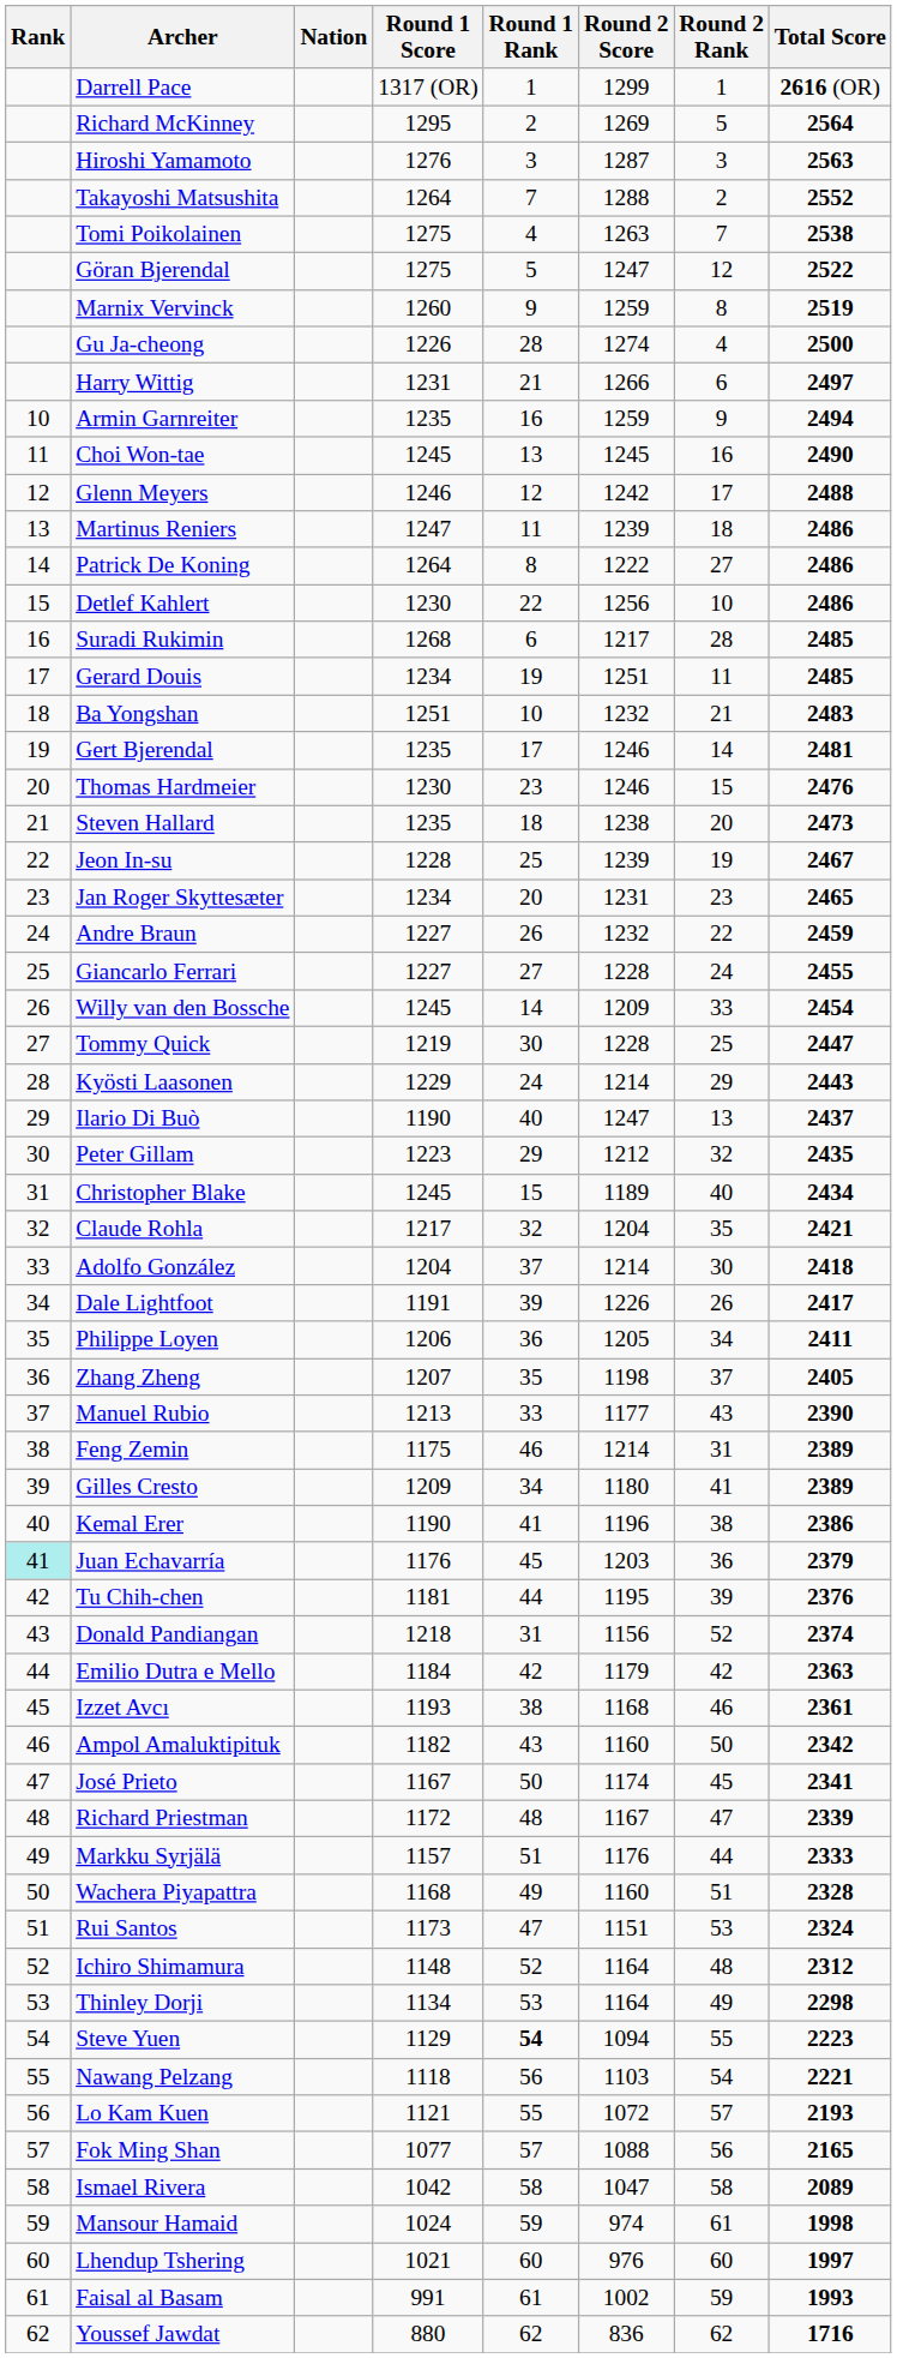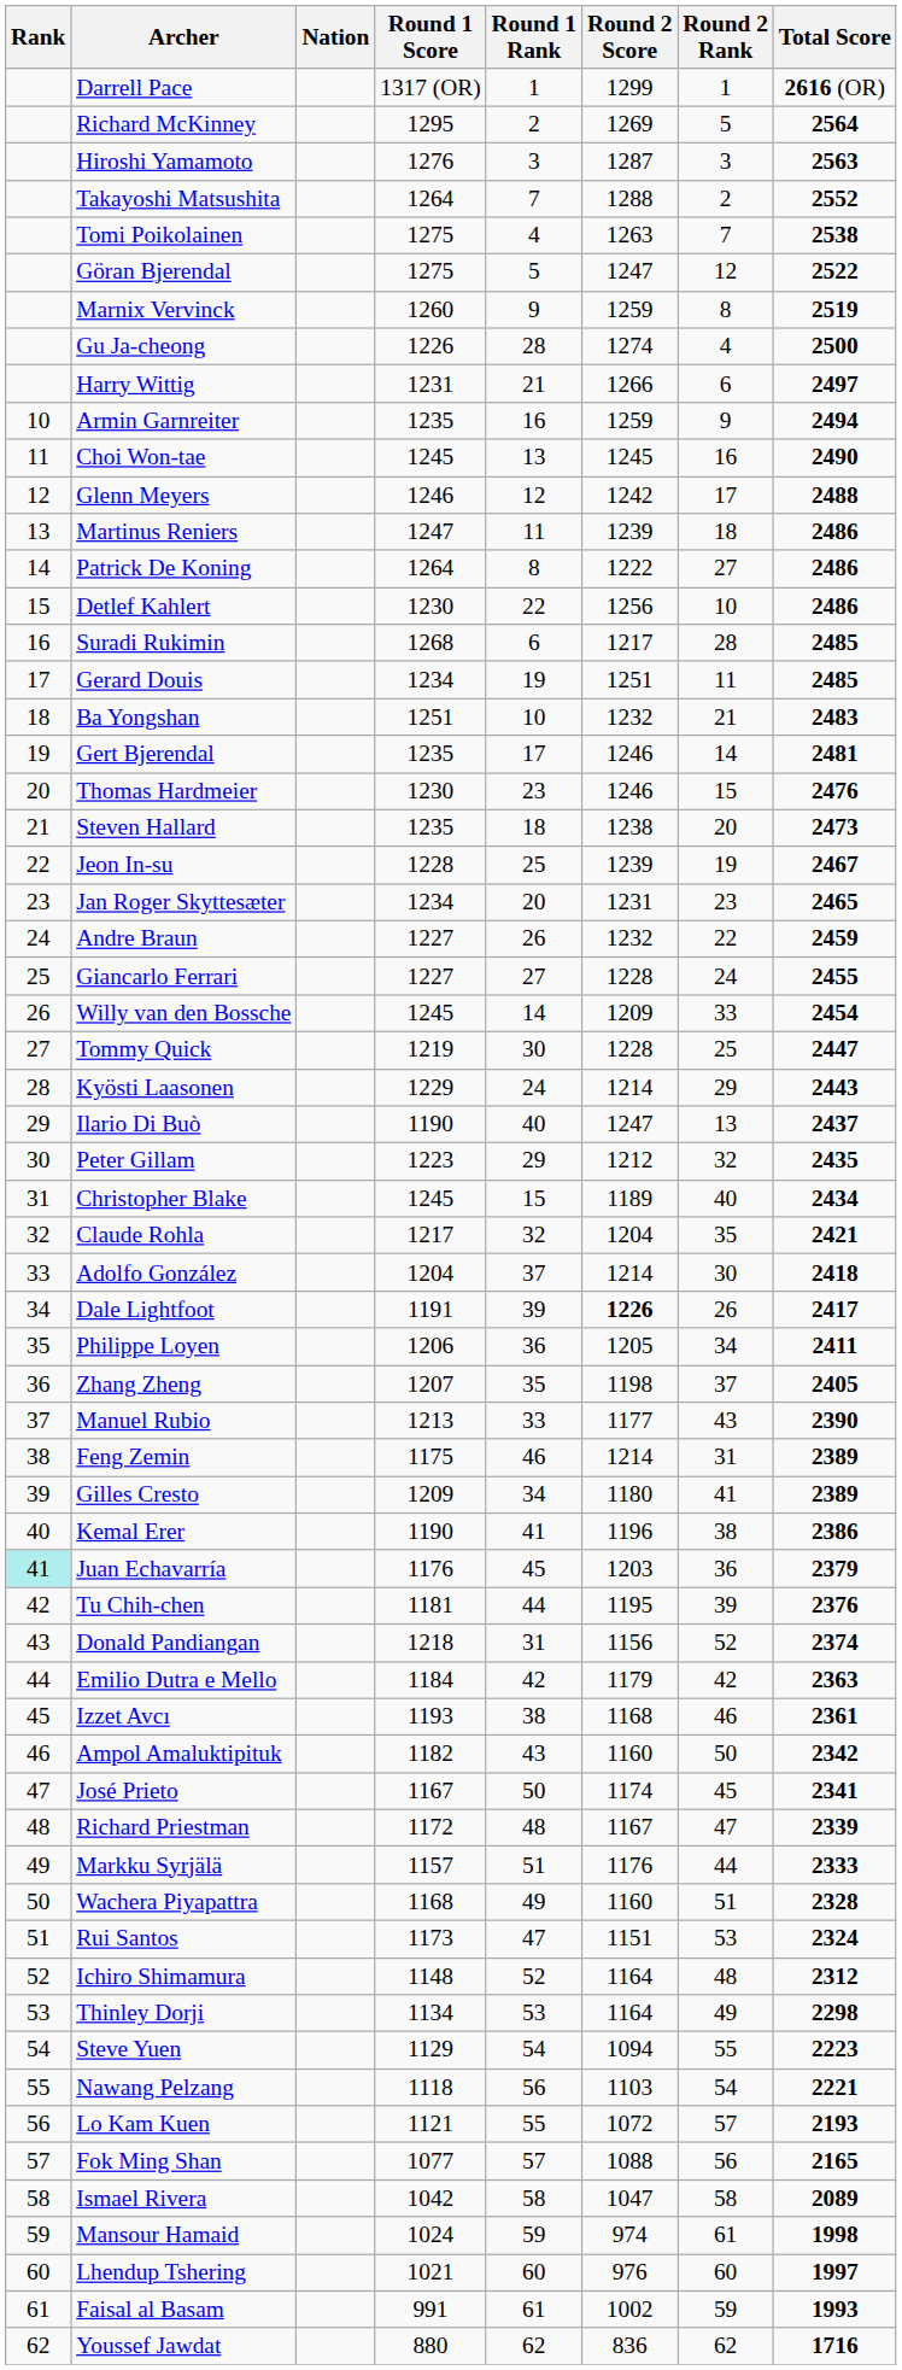 <table class="wikitable sortable" style="text-align:center;">
 <tr>
 <th>Rank</th>
 <th>Archer</th>
 <th>Nation</th>
 <th>Round 1 <br> Score</th>
 <th>Round 1 <br> Rank</th>
 <th>Round 2 <br> Score</th>
 <th>Round 2 <br> Rank</th>
 <th>Total Score</th>
 </tr>
 <tr>
 <td></td>
 <td align=left><a href='#'>Darrell Pace</a></td>
 <td align=left></td>
 <td>1317 (OR)</td>
 <td>1</td>
 <td>1299</td>
 <td>1</td>
 <td><strong>2616</strong> (OR)</td>
 </tr>
 <tr>
 <td></td>
 <td align=left><a href='#'>Richard McKinney</a></td>
 <td align=left></td>
 <td>1295</td>
 <td>2</td>
 <td>1269</td>
 <td>5</td>
 <td><strong>2564</strong></td>
 </tr>
 <tr>
 <td></td>
 <td align=left><a href='#'>Hiroshi Yamamoto</a></td>
 <td align=left></td>
 <td>1276</td>
 <td>3</td>
 <td>1287</td>
 <td>3</td>
 <td><strong>2563</strong></td>
 </tr>
 <tr>
 <td></td>
 <td align=left><a href='#'>Takayoshi Matsushita</a></td>
 <td align=left></td>
 <td>1264</td>
 <td>7</td>
 <td>1288</td>
 <td>2</td>
 <td><strong>2552</strong></td>
 </tr>
 <tr>
 <td></td>
 <td align=left><a href='#'>Tomi Poikolainen</a></td>
 <td align=left></td>
 <td>1275</td>
 <td>4</td>
 <td>1263</td>
 <td>7</td>
 <td><strong>2538</strong></td>
 </tr>
 <tr>
 <td></td>
 <td align=left><a href='#'>Göran Bjerendal</a></td>
 <td align=left></td>
 <td>1275</td>
 <td>5</td>
 <td>1247</td>
 <td>12</td>
 <td><strong>2522</strong></td>
 </tr>
 <tr>
 <td></td>
 <td align=left><a href='#'>Marnix Vervinck</a></td>
 <td align=left></td>
 <td>1260</td>
 <td>9</td>
 <td>1259</td>
 <td>8</td>
 <td><strong>2519</strong></td>
 </tr>
 <tr>
 <td></td>
 <td align=left><a href='#'>Gu Ja-cheong</a></td>
 <td align=left></td>
 <td>1226</td>
 <td>28</td>
 <td>1274</td>
 <td>4</td>
 <td><strong>2500</strong></td>
 </tr>
 <tr>
 <td></td>
 <td align=left><a href='#'>Harry Wittig</a></td>
 <td align=left></td>
 <td>1231</td>
 <td>21</td>
 <td>1266</td>
 <td>6</td>
 <td><strong>2497</strong></td>
 </tr>
 <tr>
 <td>10</td>
 <td align=left><a href='#'>Armin Garnreiter</a></td>
 <td align=left></td>
 <td>1235</td>
 <td>16</td>
 <td>1259</td>
 <td>9</td>
 <td><strong>2494</strong></td>
 </tr>
 <tr>
 <td>11</td>
 <td align=left><a href='#'>Choi Won-tae</a></td>
 <td align=left></td>
 <td>1245</td>
 <td>13</td>
 <td>1245</td>
 <td>16</td>
 <td><strong>2490</strong></td>
 </tr>
 <tr>
 <td>12</td>
 <td align=left><a href='#'>Glenn Meyers</a></td>
 <td align=left></td>
 <td>1246</td>
 <td>12</td>
 <td>1242</td>
 <td>17</td>
 <td><strong>2488</strong></td>
 </tr>
 <tr>
 <td>13</td>
 <td align=left><a href='#'>Martinus Reniers</a></td>
 <td align=left></td>
 <td>1247</td>
 <td>11</td>
 <td>1239</td>
 <td>18</td>
 <td><strong>2486</strong></td>
 </tr>
 <tr>
 <td>14</td>
 <td align=left><a href='#'>Patrick De Koning</a></td>
 <td align=left></td>
 <td>1264</td>
 <td>8</td>
 <td>1222</td>
 <td>27</td>
 <td><strong>2486</strong></td>
 </tr>
 <tr>
 <td>15</td>
 <td align=left><a href='#'>Detlef Kahlert</a></td>
 <td align=left></td>
 <td>1230</td>
 <td>22</td>
 <td>1256</td>
 <td>10</td>
 <td><strong>2486</strong></td>
 </tr>
 <tr>
 <td>16</td>
 <td align=left><a href='#'>Suradi Rukimin</a></td>
 <td align=left></td>
 <td>1268</td>
 <td>6</td>
 <td>1217</td>
 <td>28</td>
 <td><strong>2485</strong></td>
 </tr>
 <tr>
 <td>17</td>
 <td align=left><a href='#'>Gerard Douis</a></td>
 <td align=left></td>
 <td>1234</td>
 <td>19</td>
 <td>1251</td>
 <td>11</td>
 <td><strong>2485</strong></td>
 </tr>
 <tr>
 <td>18</td>
 <td align=left><a href='#'>Ba Yongshan</a></td>
 <td align=left></td>
 <td>1251</td>
 <td>10</td>
 <td>1232</td>
 <td>21</td>
 <td><strong>2483</strong></td>
 </tr>
 <tr>
 <td>19</td>
 <td align=left><a href='#'>Gert Bjerendal</a></td>
 <td align=left></td>
 <td>1235</td>
 <td>17</td>
 <td>1246</td>
 <td>14</td>
 <td><strong>2481</strong></td>
 </tr>
 <tr>
 <td>20</td>
 <td align=left><a href='#'>Thomas Hardmeier</a></td>
 <td align=left></td>
 <td>1230</td>
 <td>23</td>
 <td>1246</td>
 <td>15</td>
 <td><strong>2476</strong></td>
 </tr>
 <tr>
 <td>21</td>
 <td align=left><a href='#'>Steven Hallard</a></td>
 <td align=left></td>
 <td>1235</td>
 <td>18</td>
 <td>1238</td>
 <td>20</td>
 <td><strong>2473</strong></td>
 </tr>
 <tr>
 <td>22</td>
 <td align=left><a href='#'>Jeon In-su</a></td>
 <td align=left></td>
 <td>1228</td>
 <td>25</td>
 <td>1239</td>
 <td>19</td>
 <td><strong>2467</strong></td>
 </tr>
 <tr>
 <td>23</td>
 <td align=left><a href='#'>Jan Roger Skyttesæter</a></td>
 <td align=left></td>
 <td>1234</td>
 <td>20</td>
 <td>1231</td>
 <td>23</td>
 <td><strong>2465</strong></td>
 </tr>
 <tr>
 <td>24</td>
 <td align=left><a href='#'>Andre Braun</a></td>
 <td align=left></td>
 <td>1227</td>
 <td>26</td>
 <td>1232</td>
 <td>22</td>
 <td><strong>2459</strong></td>
 </tr>
 <tr>
 <td>25</td>
 <td align=left><a href='#'>Giancarlo Ferrari</a></td>
 <td align=left></td>
 <td>1227</td>
 <td>27</td>
 <td>1228</td>
 <td>24</td>
 <td><strong>2455</strong></td>
 </tr>
 <tr>
 <td>26</td>
 <td align=left><a href='#'>Willy van den Bossche</a></td>
 <td align=left></td>
 <td>1245</td>
 <td>14</td>
 <td>1209</td>
 <td>33</td>
 <td><strong>2454</strong></td>
 </tr>
 <tr>
 <td>27</td>
 <td align=left><a href='#'>Tommy Quick</a></td>
 <td align=left></td>
 <td>1219</td>
 <td>30</td>
 <td>1228</td>
 <td>25</td>
 <td><strong>2447</strong></td>
 </tr>
 <tr>
 <td>28</td>
 <td align=left><a href='#'>Kyösti Laasonen</a></td>
 <td align=left></td>
 <td>1229</td>
 <td>24</td>
 <td>1214</td>
 <td>29</td>
 <td><strong>2443</strong></td>
 </tr>
 <tr>
 <td>29</td>
 <td align=left><a href='#'>Ilario Di Buò</a></td>
 <td align=left></td>
 <td>1190</td>
 <td>40</td>
 <td>1247</td>
 <td>13</td>
 <td><strong>2437</strong></td>
 </tr>
 <tr>
 <td>30</td>
 <td align=left><a href='#'>Peter Gillam</a></td>
 <td align=left></td>
 <td>1223</td>
 <td>29</td>
 <td>1212</td>
 <td>32</td>
 <td><strong>2435</strong></td>
 </tr>
 <tr>
 <td>31</td>
 <td align=left><a href='#'>Christopher Blake</a></td>
 <td align=left></td>
 <td>1245</td>
 <td>15</td>
 <td>1189</td>
 <td>40</td>
 <td><strong>2434</strong></td>
 </tr>
 <tr>
 <td>32</td>
 <td align=left><a href='#'>Claude Rohla</a></td>
 <td align=left></td>
 <td>1217</td>
 <td>32</td>
 <td>1204</td>
 <td>35</td>
 <td><strong>2421</strong></td>
 </tr>
 <tr>
 <td>33</td>
 <td align=left><a href='#'>Adolfo González</a></td>
 <td align=left></td>
 <td>1204</td>
 <td>37</td>
 <td>1214</td>
 <td>30</td>
 <td><strong>2418</strong></td>
 </tr>
 <tr>
 <td>34</td>
 <td align=left><a href='#'>Dale Lightfoot</a></td>
 <td align=left></td>
 <td>1191</td>
 <td>39</td>
-<td>1226</td>
+<td><strong>1226</strong></td>
 <td>26</td>
 <td><strong>2417</strong></td>
 </tr>
 <tr>
 <td>35</td>
 <td align=left><a href='#'>Philippe Loyen</a></td>
 <td align=left></td>
 <td>1206</td>
 <td>36</td>
 <td>1205</td>
 <td>34</td>
 <td><strong>2411</strong></td>
 </tr>
 <tr>
 <td>36</td>
 <td align=left><a href='#'>Zhang Zheng</a></td>
 <td align=left></td>
 <td>1207</td>
 <td>35</td>
 <td>1198</td>
 <td>37</td>
 <td><strong>2405</strong></td>
 </tr>
 <tr>
 <td>37</td>
 <td align=left><a href='#'>Manuel Rubio</a></td>
 <td align=left></td>
 <td>1213</td>
 <td>33</td>
 <td>1177</td>
 <td>43</td>
 <td><strong>2390</strong></td>
 </tr>
 <tr>
 <td>38</td>
 <td align=left><a href='#'>Feng Zemin</a></td>
 <td align=left></td>
 <td>1175</td>
 <td>46</td>
 <td>1214</td>
 <td>31</td>
 <td><strong>2389</strong></td>
 </tr>
 <tr>
 <td>39</td>
 <td align=left><a href='#'>Gilles Cresto</a></td>
 <td align=left></td>
 <td>1209</td>
 <td>34</td>
 <td>1180</td>
 <td>41</td>
 <td><strong>2389</strong></td>
 </tr>
 <tr>
 <td>40</td>
 <td align=left><a href='#'>Kemal Erer</a></td>
 <td align=left></td>
 <td>1190</td>
 <td>41</td>
 <td>1196</td>
 <td>38</td>
 <td><strong>2386</strong></td>
 </tr>
 <tr>
 <td style="background: paleturquoise;">41</td>
 <td align=left><a href='#'>Juan Echavarría</a></td>
 <td align=left></td>
 <td>1176</td>
 <td>45</td>
 <td>1203</td>
 <td>36</td>
 <td><strong>2379</strong></td>
 </tr>
 <tr>
 <td>42</td>
 <td align=left><a href='#'>Tu Chih-chen</a></td>
 <td align=left></td>
 <td>1181</td>
 <td>44</td>
 <td>1195</td>
 <td>39</td>
 <td><strong>2376</strong></td>
 </tr>
 <tr>
 <td>43</td>
 <td align=left><a href='#'>Donald Pandiangan</a></td>
 <td align=left></td>
 <td>1218</td>
 <td>31</td>
 <td>1156</td>
 <td>52</td>
 <td><strong>2374</strong></td>
 </tr>
 <tr>
 <td>44</td>
 <td align=left><a href='#'>Emilio Dutra e Mello</a></td>
 <td align=left></td>
 <td>1184</td>
 <td>42</td>
 <td>1179</td>
 <td>42</td>
 <td><strong>2363</strong></td>
 </tr>
 <tr>
 <td>45</td>
 <td align=left><a href='#'>Izzet Avcı</a></td>
 <td align=left></td>
 <td>1193</td>
 <td>38</td>
 <td>1168</td>
 <td>46</td>
 <td><strong>2361</strong></td>
 </tr>
 <tr>
 <td>46</td>
 <td align=left><a href='#'>Ampol Amaluktipituk</a></td>
 <td align=left></td>
 <td>1182</td>
 <td>43</td>
 <td>1160</td>
 <td>50</td>
 <td><strong>2342</strong></td>
 </tr>
 <tr>
 <td>47</td>
 <td align=left><a href='#'>José Prieto</a></td>
 <td align=left></td>
 <td>1167</td>
 <td>50</td>
 <td>1174</td>
 <td>45</td>
 <td><strong>2341</strong></td>
 </tr>
 <tr>
 <td>48</td>
 <td align=left><a href='#'>Richard Priestman</a></td>
 <td align=left></td>
 <td>1172</td>
 <td>48</td>
 <td>1167</td>
 <td>47</td>
 <td><strong>2339</strong></td>
 </tr>
 <tr>
 <td>49</td>
 <td align=left><a href='#'>Markku Syrjälä</a></td>
 <td align=left></td>
 <td>1157</td>
 <td>51</td>
 <td>1176</td>
 <td>44</td>
 <td><strong>2333</strong></td>
 </tr>
 <tr>
 <td>50</td>
 <td align=left><a href='#'>Wachera Piyapattra</a></td>
 <td align=left></td>
 <td>1168</td>
 <td>49</td>
 <td>1160</td>
 <td>51</td>
 <td><strong>2328</strong></td>
 </tr>
 <tr>
 <td>51</td>
 <td align=left><a href='#'>Rui Santos</a></td>
 <td align=left></td>
 <td>1173</td>
 <td>47</td>
 <td>1151</td>
 <td>53</td>
 <td><strong>2324</strong></td>
 </tr>
 <tr>
 <td>52</td>
 <td align=left><a href='#'>Ichiro Shimamura</a></td>
 <td align=left></td>
 <td>1148</td>
 <td>52</td>
 <td>1164</td>
 <td>48</td>
 <td><strong>2312</strong></td>
 </tr>
 <tr>
 <td>53</td>
 <td align=left><a href='#'>Thinley Dorji</a></td>
 <td align=left></td>
 <td>1134</td>
 <td>53</td>
 <td>1164</td>
 <td>49</td>
 <td><strong>2298</strong></td>
 </tr>
 <tr>
 <td>54</td>
 <td align=left><a href='#'>Steve Yuen</a></td>
 <td align=left></td>
 <td>1129</td>
-<td><strong>54</strong></td>
+<td>54</td>
 <td>1094</td>
 <td>55</td>
 <td><strong>2223</strong></td>
 </tr>
 <tr>
 <td>55</td>
 <td align=left><a href='#'>Nawang Pelzang</a></td>
 <td align=left></td>
 <td>1118</td>
 <td>56</td>
 <td>1103</td>
 <td>54</td>
 <td><strong>2221</strong></td>
 </tr>
 <tr>
 <td>56</td>
 <td align=left><a href='#'>Lo Kam Kuen</a></td>
 <td align=left></td>
 <td>1121</td>
 <td>55</td>
 <td>1072</td>
 <td>57</td>
 <td><strong>2193</strong></td>
 </tr>
 <tr>
 <td>57</td>
 <td align=left><a href='#'>Fok Ming Shan</a></td>
 <td align=left></td>
 <td>1077</td>
 <td>57</td>
 <td>1088</td>
 <td>56</td>
 <td><strong>2165</strong></td>
 </tr>
 <tr>
 <td>58</td>
 <td align=left><a href='#'>Ismael Rivera</a></td>
 <td align=left></td>
 <td>1042</td>
 <td>58</td>
 <td>1047</td>
 <td>58</td>
 <td><strong>2089</strong></td>
 </tr>
 <tr>
 <td>59</td>
 <td align=left><a href='#'>Mansour Hamaid</a></td>
 <td align=left></td>
 <td>1024</td>
 <td>59</td>
 <td>974</td>
 <td>61</td>
 <td><strong>1998</strong></td>
 </tr>
 <tr>
 <td>60</td>
 <td align=left><a href='#'>Lhendup Tshering</a></td>
 <td align=left></td>
 <td>1021</td>
 <td>60</td>
 <td>976</td>
 <td>60</td>
 <td><strong>1997</strong></td>
 </tr>
 <tr>
 <td>61</td>
 <td align=left><a href='#'>Faisal al Basam</a></td>
 <td align=left></td>
 <td>991</td>
 <td>61</td>
 <td>1002</td>
 <td>59</td>
 <td><strong>1993</strong></td>
 </tr>
 <tr>
 <td>62</td>
 <td align=left><a href='#'>Youssef Jawdat</a></td>
 <td align=left></td>
 <td>880</td>
 <td>62</td>
 <td>836</td>
 <td>62</td>
 <td><strong>1716</strong></td>
 </tr>
 <tr>
 </tr>
 </table>
